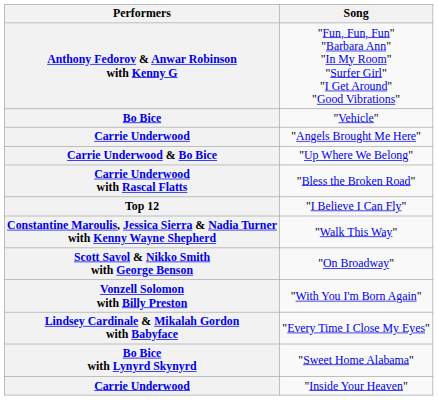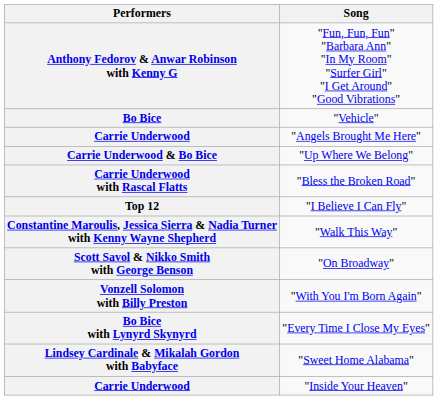 <table class="wikitable unsortable" style="text-align:center;">
 <tr>
 <th scope="col">Performers</th>
 <th scope="col">Song</th>
 </tr>
 <tr>
 <th scope="row"><a href='#'>Anthony Fedorov</a> & <a href='#'>Anwar Robinson</a><br>with <a href='#'>Kenny G</a></th>
 <td>"<a href='#'>Fun, Fun, Fun</a>"<br>"<a href='#'>Barbara Ann</a>"<br>"<a href='#'>In My Room</a>"<br>"<a href='#'>Surfer Girl</a>"<br>"<a href='#'>I Get Around</a>"<br>"<a href='#'>Good Vibrations</a>"</td>
 </tr>
 <tr>
 <th scope="row"><a href='#'>Bo Bice</a></th>
 <td>"<a href='#'>Vehicle</a>"</td>
 </tr>
 <tr>
 <th scope="row"><a href='#'>Carrie Underwood</a></th>
 <td>"<a href='#'>Angels Brought Me Here</a>"</td>
 </tr>
 <tr>
 <th scope="row"><a href='#'>Carrie Underwood</a> & <a href='#'>Bo Bice</a></th>
 <td>"<a href='#'>Up Where We Belong</a>"</td>
 </tr>
 <tr>
 <th scope="row"><a href='#'>Carrie Underwood</a><br>with <a href='#'>Rascal Flatts</a></th>
 <td>"<a href='#'>Bless the Broken Road</a>"</td>
 </tr>
 <tr>
 <th scope="row">Top 12</th>
 <td>"<a href='#'>I Believe I Can Fly</a>"</td>
 </tr>
 <tr>
 <th scope="row"><a href='#'>Constantine Maroulis</a>, <a href='#'>Jessica Sierra</a> & <a href='#'>Nadia Turner</a><br>with <a href='#'>Kenny Wayne Shepherd</a></th>
 <td>"<a href='#'>Walk This Way</a>"</td>
 </tr>
 <tr>
 <th scope="row"><a href='#'>Scott Savol</a> & <a href='#'>Nikko Smith</a><br>with <a href='#'>George Benson</a></th>
 <td>"<a href='#'>On Broadway</a>"</td>
 </tr>
 <tr>
 <th scope="row"><a href='#'>Vonzell Solomon</a><br>with <a href='#'>Billy Preston</a></th>
 <td>"<a href='#'>With You I'm Born Again</a>"</td>
 </tr>
 <tr>
-<th scope="row"><a href='#'>Lindsey Cardinale</a> & <a href='#'>Mikalah Gordon</a><br>with <a href='#'>Babyface</a></th>
+<th scope="row"><a href='#'>Bo Bice</a><br>with <a href='#'>Lynyrd Skynyrd</a></th>
 <td>"<a href='#'>Every Time I Close My Eyes</a>"</td>
 </tr>
 <tr>
-<th scope="row"><a href='#'>Bo Bice</a><br>with <a href='#'>Lynyrd Skynyrd</a></th>
+<th scope="row"><a href='#'>Lindsey Cardinale</a> & <a href='#'>Mikalah Gordon</a><br>with <a href='#'>Babyface</a></th>
 <td>"<a href='#'>Sweet Home Alabama</a>"</td>
 </tr>
 <tr>
 <th scope="row"><a href='#'>Carrie Underwood</a></th>
 <td>"<a href='#'>Inside Your Heaven</a>"</td>
 </tr>
 </table>
